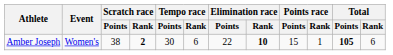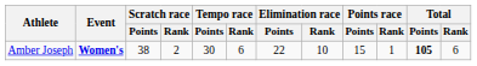 <table class=wikitable style=font-size:90%;text-align:center>
 <tr>
 <th rowspan=2>Athlete</th>
 <th rowspan=2>Event</th>
 <th colspan=2>Scratch race</th>
 <th colspan=2>Tempo race</th>
 <th colspan=2>Elimination race</th>
 <th colspan=2>Points race</th>
 <th colspan=2>Total</th>
 </tr>
 <tr style=font-size:95%>
 <th>Points</th>
 <th>Rank</th>
 <th>Points</th>
 <th>Rank</th>
 <th>Points</th>
 <th>Rank</th>
 <th>Points</th>
 <th>Rank</th>
 <th>Points</th>
 <th>Rank</th>
 </tr>
 <tr>
 <td align=left><a href='#'>Amber Joseph</a></td>
-<td align=left><a href='#'>Women's</a></td>
+<td align=left><strong><a href='#'>Women's</a></strong></td>
 <td>38</td>
-<td><strong>2</strong></td>
+<td>2</td>
 <td>30</td>
 <td>6</td>
 <td>22</td>
-<td><strong>10</strong></td>
+<td>10</td>
 <td>15</td>
 <td>1</td>
 <td><strong>105</strong></td>
 <td>6</td>
 </tr>
 </table>
